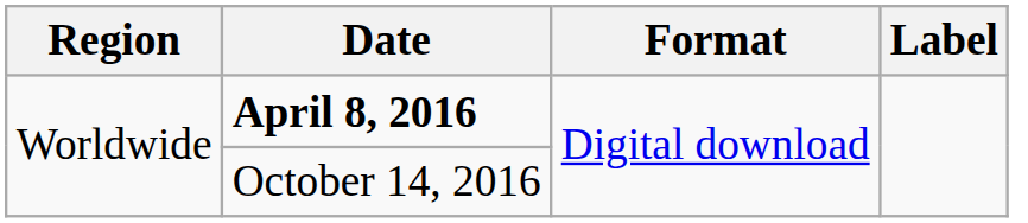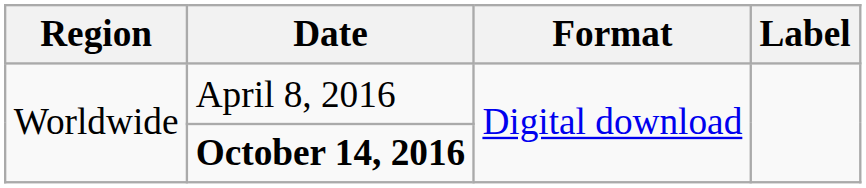 <table class="wikitable">
 <tr>
 <th>Region</th>
 <th>Date</th>
 <th>Format</th>
 <th>Label</th>
 </tr>
 <tr>
 <td rowspan="2">Worldwide</td>
-<td><strong>April 8, 2016</strong></td>
+<td>April 8, 2016</td>
 <td rowspan="2"><a href='#'>Digital download</a></td>
 <td rowspan="2"></td>
 </tr>
 <tr>
-<td>October 14, 2016 </td>
+<td><strong>October 14, 2016 </strong></td>
 </tr>
 </table>
